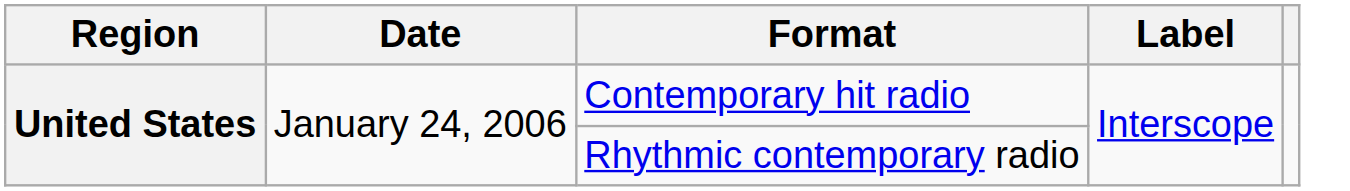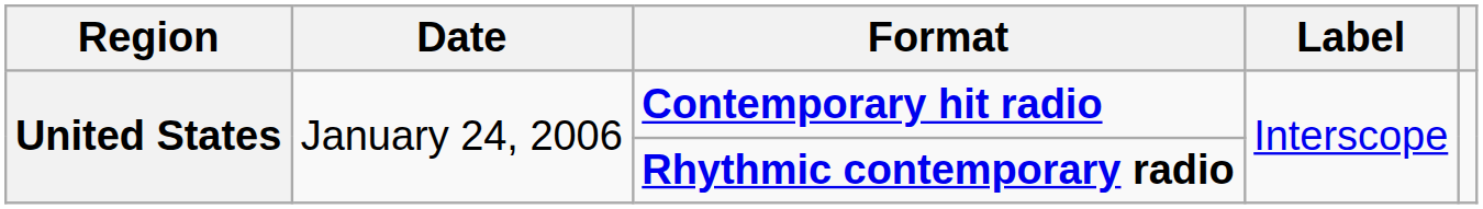 <table class="wikitable plainrowheaders">
 <tr>
 <th scope="col">Region</th>
 <th scope="col">Date</th>
 <th scope="col">Format</th>
 <th scope="col">Label</th>
 <th scope="col"></th>
 </tr>
 <tr>
 <th scope="row" rowspan="2">United States</th>
 <td rowspan="2">January 24, 2006</td>
-<td><a href='#'>Contemporary hit radio</a></td>
+<td><strong><a href='#'>Contemporary hit radio</a></strong></td>
 <td rowspan="2"><a href='#'>Interscope</a></td>
 <td rowspan="2" align="center"></td>
 </tr>
 <tr>
-<td><a href='#'>Rhythmic contemporary</a> radio</td>
+<td><strong><a href='#'>Rhythmic contemporary</a> radio</strong></td>
 </tr>
 </table>
